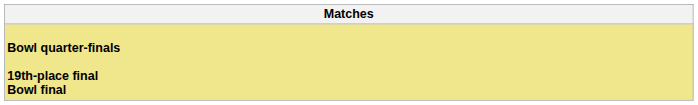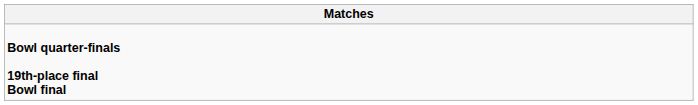 <table class="wikitable collapsible expanded" style="width:100%;">
 <tr>
 <th>Matches</th>
 </tr>
 <tr>
-<td style="background: khaki;"><br><strong>Bowl quarter-finals</strong>    <br> <br><strong>19th-place final</strong> <br><strong>Bowl final</strong> </td>
+<td><br><strong>Bowl quarter-finals</strong>    <br> <br><strong>19th-place final</strong> <br><strong>Bowl final</strong> </td>
 </tr>
 </table>
